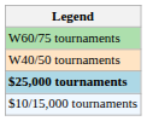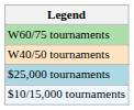 <table class="wikitable" style="font-size:85%">
 <tr>
 <th>Legend</th>
 </tr>
 <tr style="background:#addfad;">
 <td>W60/75 tournaments</td>
 </tr>
 <tr style="background:#ffe4c4;">
 <td>W40/50 tournaments</td>
 </tr>
 <tr style="background:lightblue;">
-<td><strong>$25,000 tournaments</strong></td>
+<td>$25,000 tournaments</td>
 </tr>
 <tr style="background:#f0f8ff;">
 <td>$10/15,000 tournaments</td>
 </tr>
 </table>
